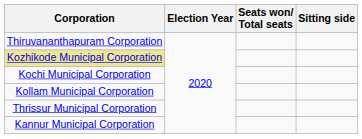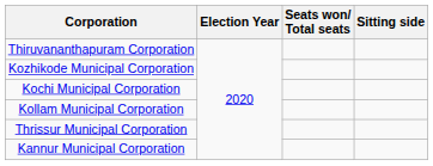 <table class="wikitable sortable" style="text-align:center">
 <tr>
 <th Style="background-color:">Corporation</th>
 <th Style="background-color:">Election Year</th>
 <th Style="background-color:">Seats won/<br>Total seats</th>
 <th Style="background-color:">Sitting side</th>
 </tr>
 <tr>
 <td><a href='#'>Thiruvananthapuram Corporation</a></td>
 <td rowspan=6><a href='#'>2020</a></td>
 <td></td>
 <td></td>
 </tr>
 <tr>
-<td style="background: khaki;"><a href='#'>Kozhikode Municipal Corporation</a></td>
+<td><a href='#'>Kozhikode Municipal Corporation</a></td>
 <td></td>
 <td></td>
 </tr>
 <tr>
 <td><a href='#'>Kochi Municipal Corporation</a></td>
 <td></td>
 <td></td>
 </tr>
 <tr>
 <td><a href='#'>Kollam Municipal Corporation</a></td>
 <td></td>
 <td></td>
 </tr>
 <tr>
 <td><a href='#'>Thrissur Municipal Corporation</a></td>
 <td></td>
 <td></td>
 </tr>
 <tr>
 <td><a href='#'>Kannur Municipal Corporation</a></td>
 <td></td>
 <td></td>
 </tr>
 </table>
